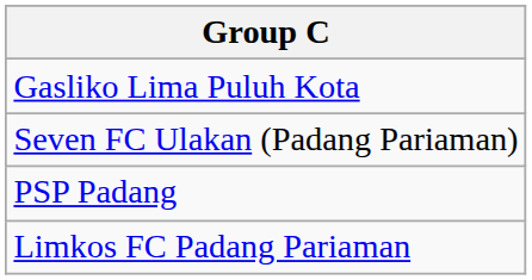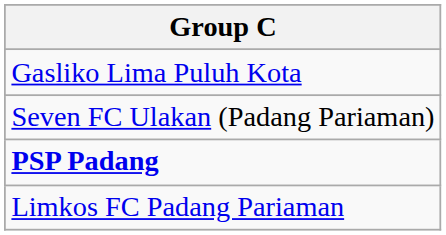 <table class="wikitable">
 <tr>
 <th><strong>Group C</strong></th>
 </tr>
 <tr>
 <td><a href='#'>Gasliko Lima Puluh Kota</a></td>
 </tr>
 <tr>
 <td><a href='#'>Seven FC Ulakan</a> (Padang Pariaman)</td>
 </tr>
 <tr>
-<td><a href='#'>PSP Padang</a></td>
+<td><strong><a href='#'>PSP Padang</a></strong></td>
 </tr>
 <tr>
 <td><a href='#'>Limkos FC Padang Pariaman</a></td>
 </tr>
 </table>
